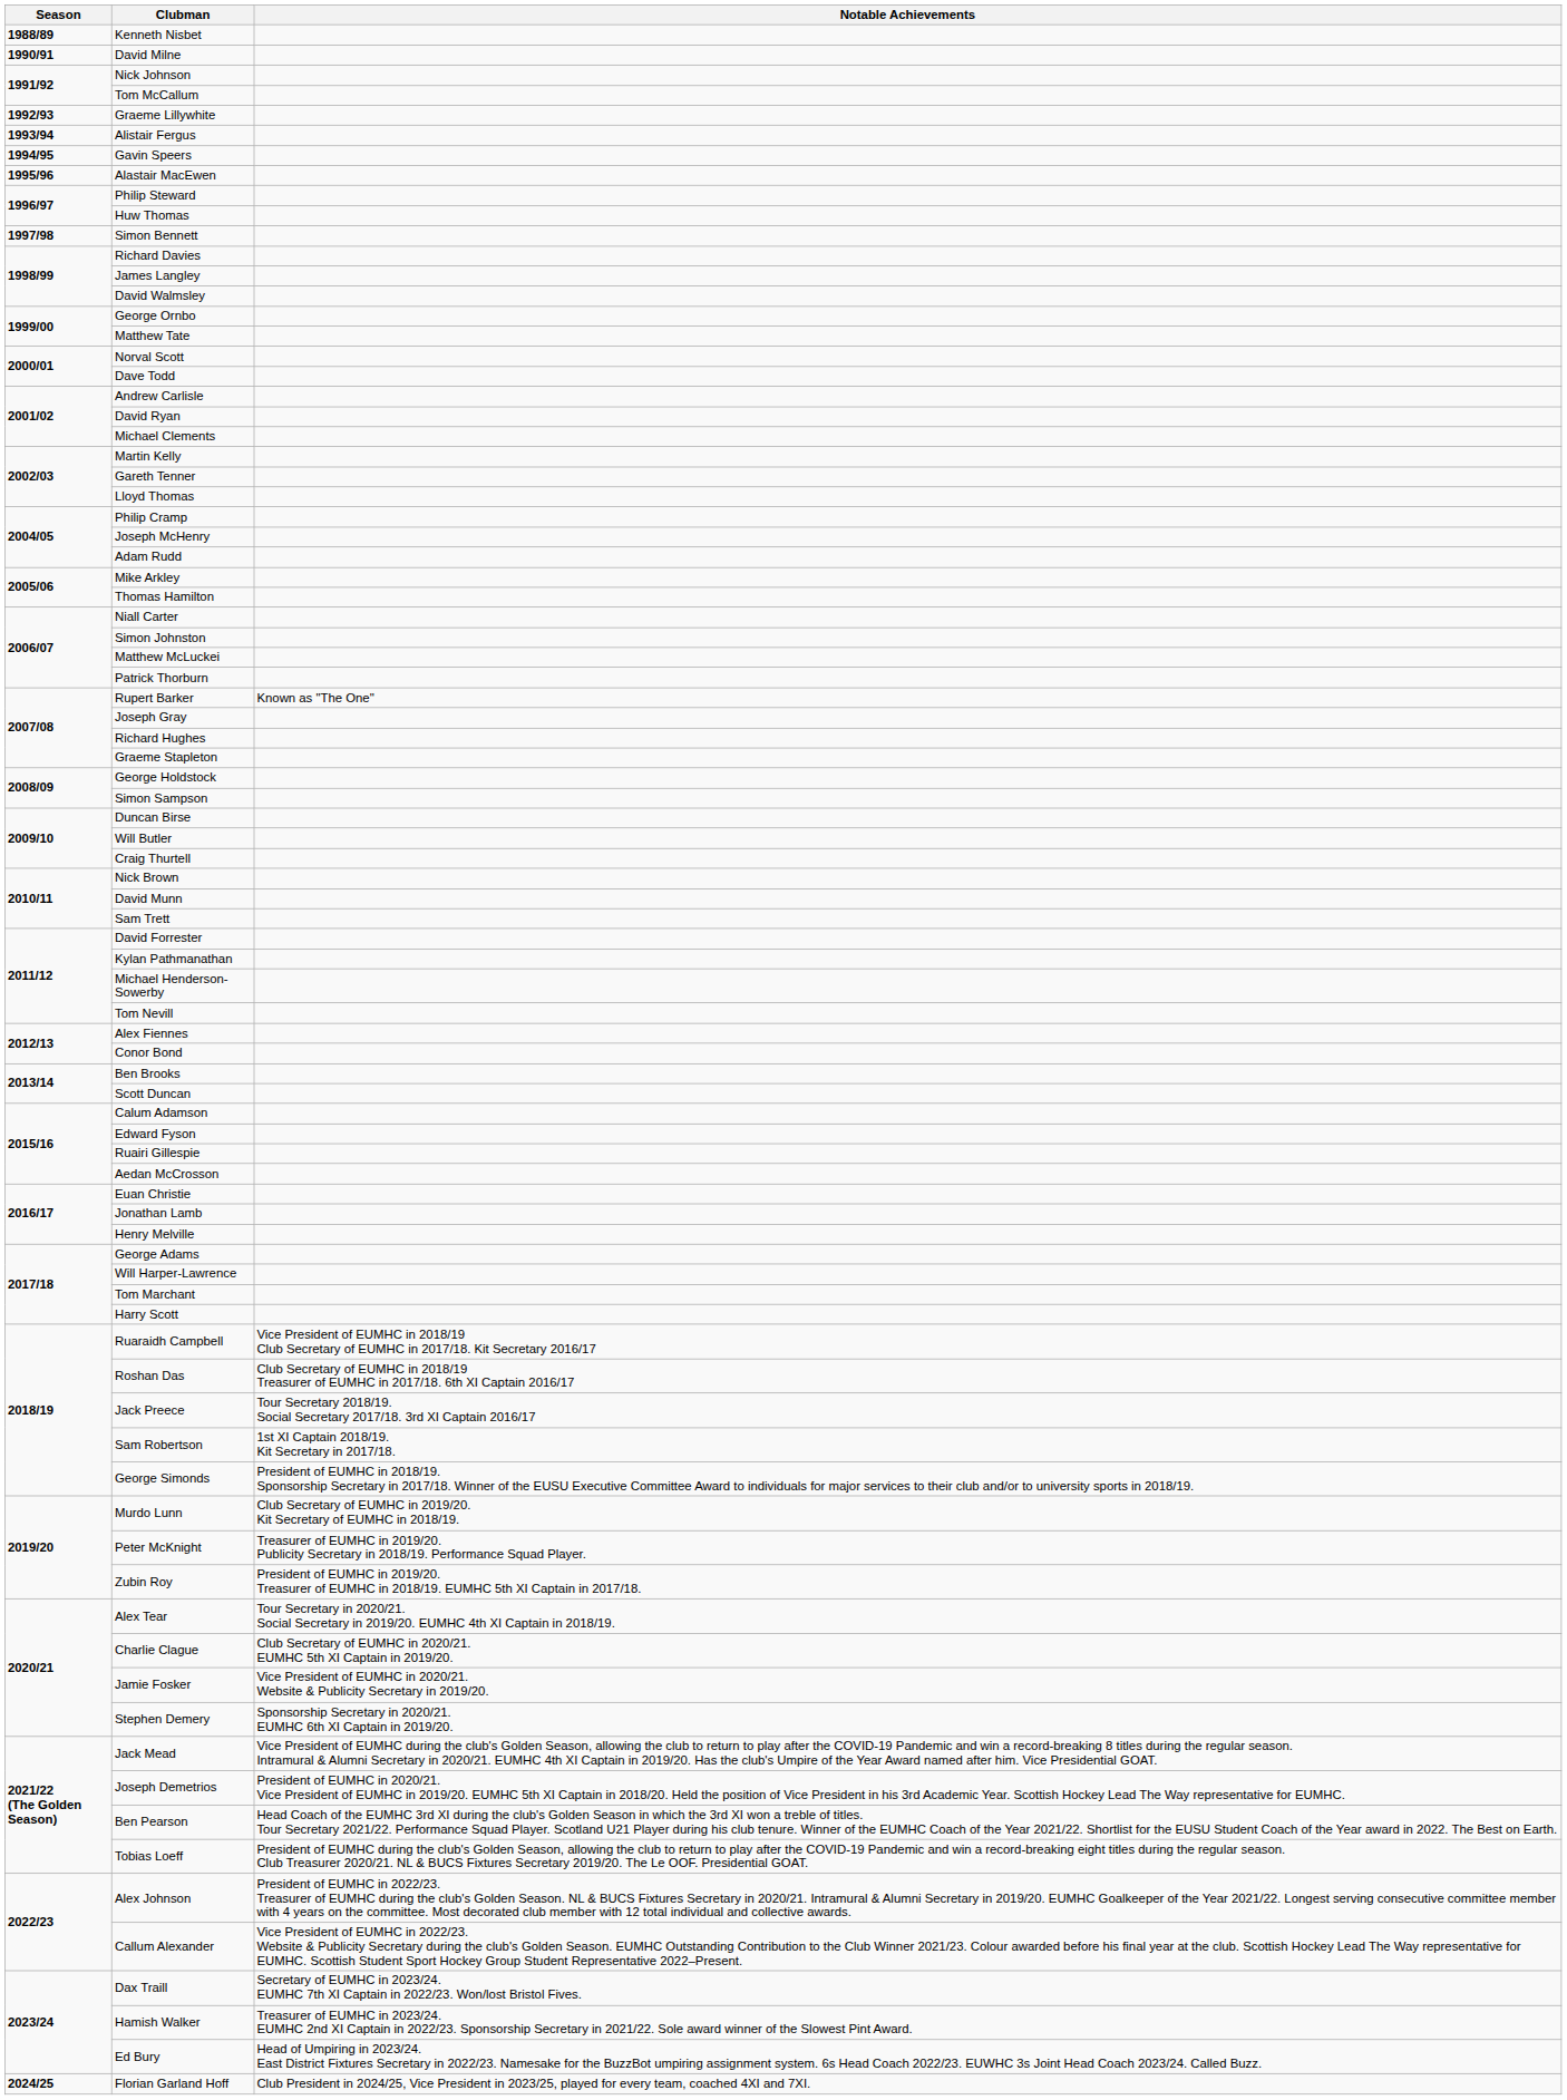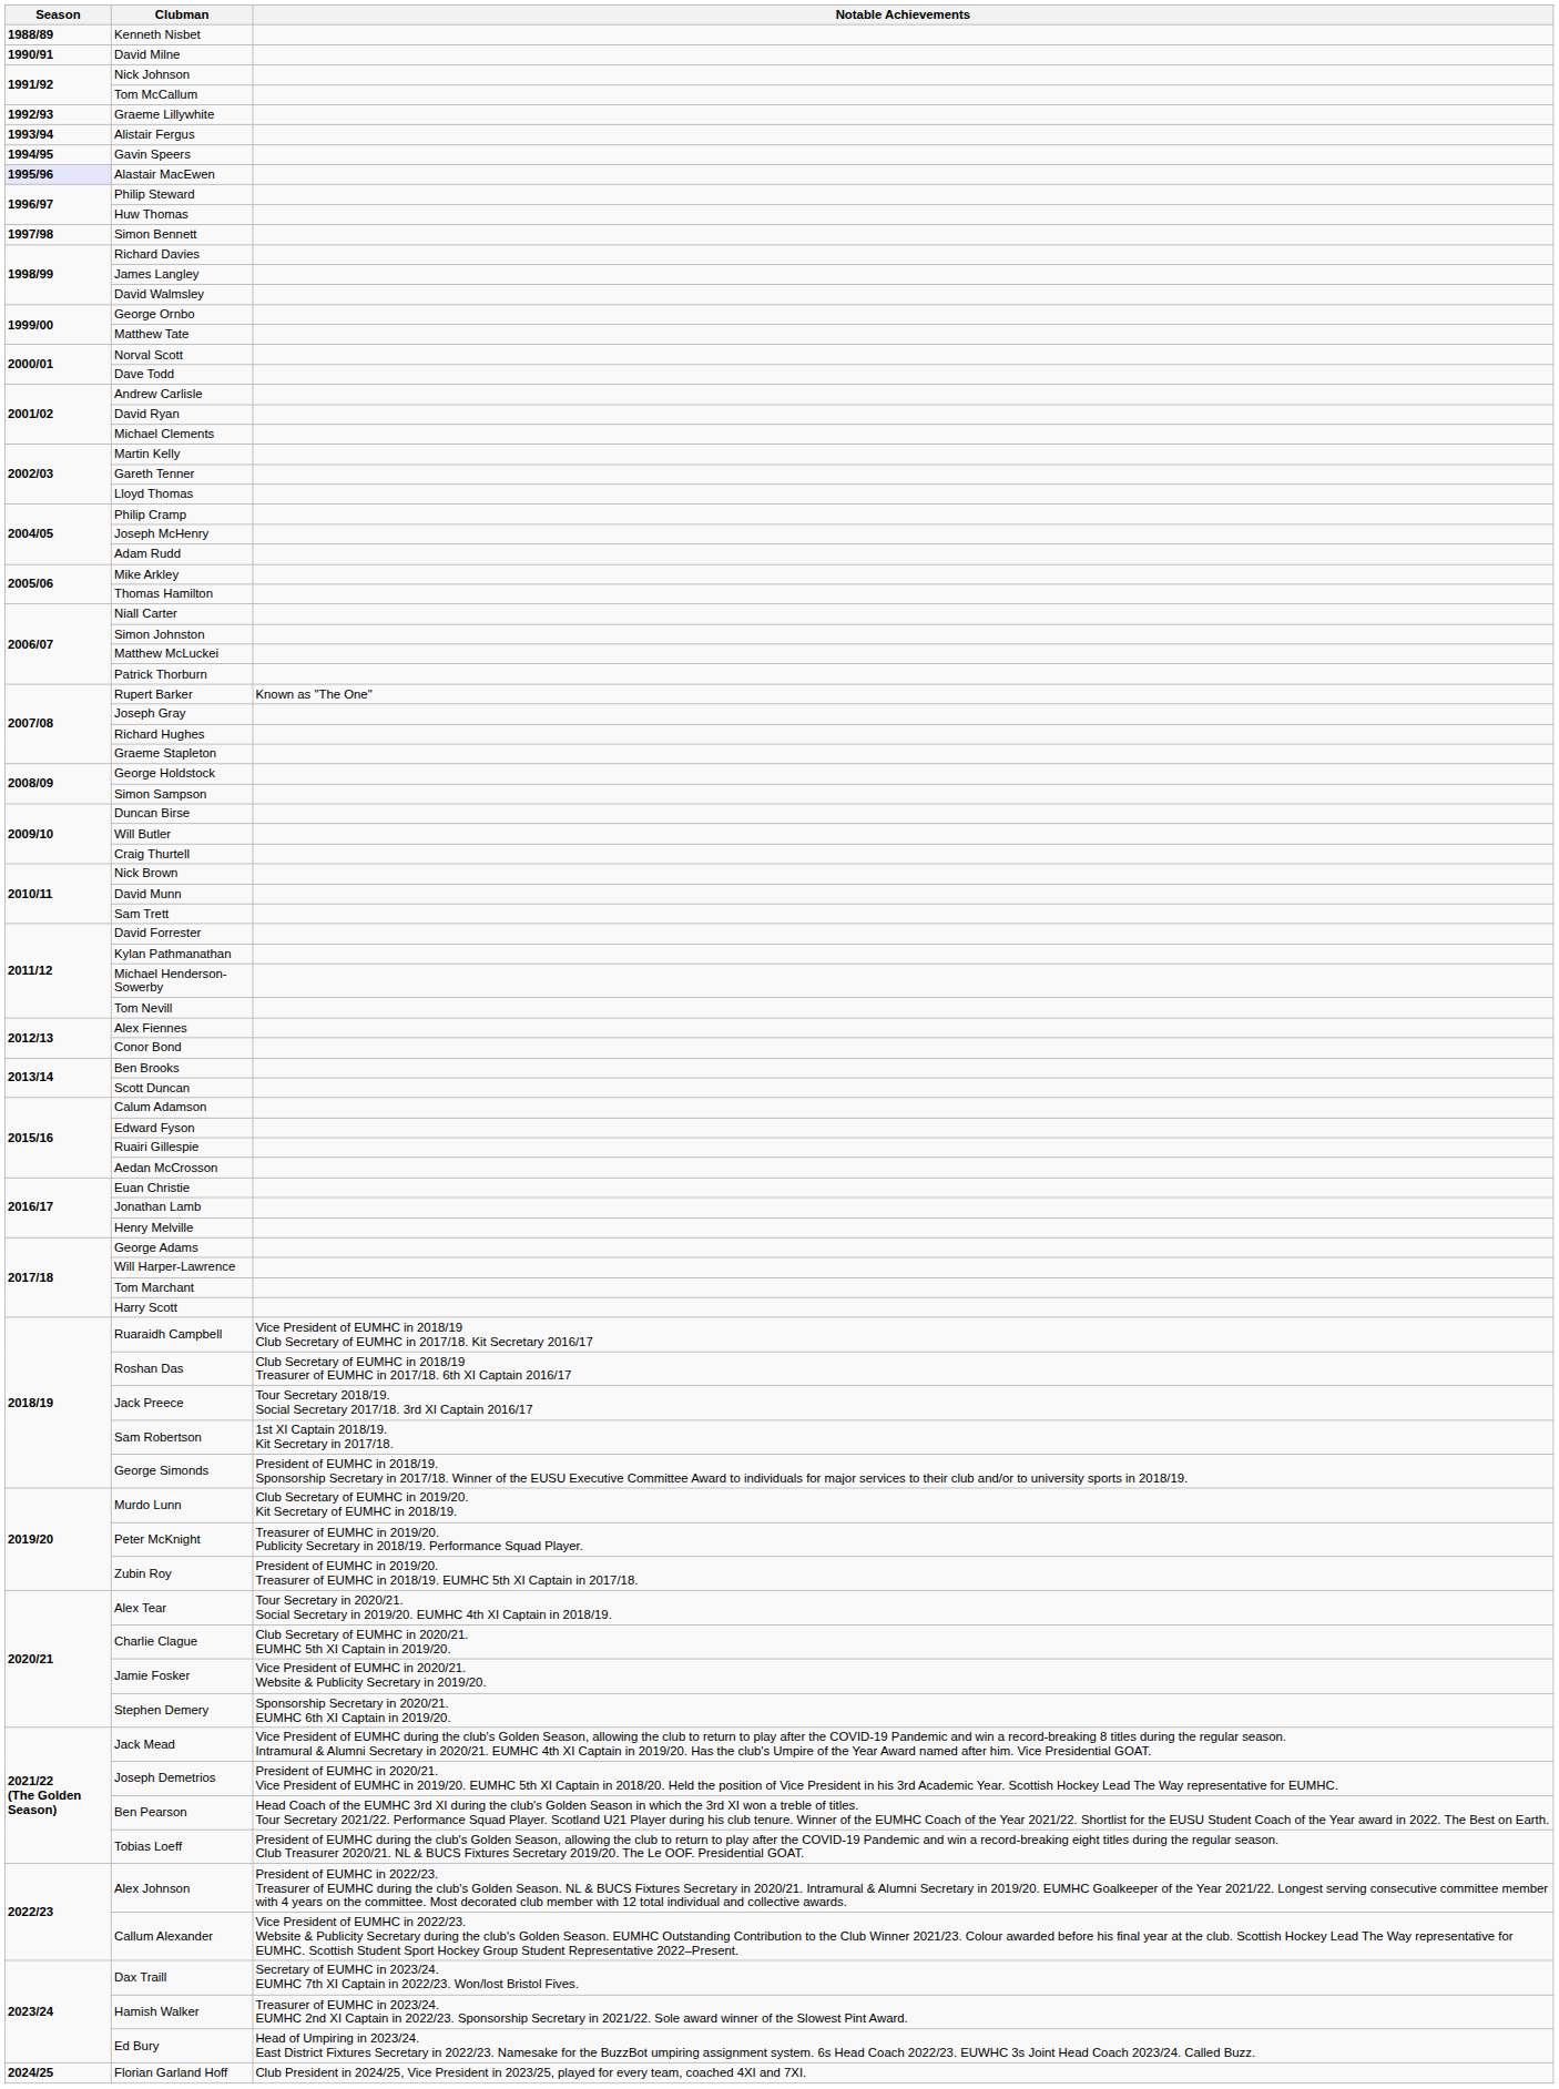 <table class="wikitable">
 <tr>
 <th>Season</th>
 <th>Clubman</th>
 <th>Notable Achievements</th>
 </tr>
 <tr>
 <td><strong>1988/89</strong></td>
 <td>Kenneth Nisbet</td>
 <td></td>
 </tr>
 <tr>
 <td><strong>1990/91</strong></td>
 <td>David Milne</td>
 <td></td>
 </tr>
 <tr>
 <td rowspan="2"><strong>1991/92</strong></td>
 <td>Nick Johnson</td>
 <td></td>
 </tr>
 <tr>
 <td>Tom McCallum</td>
 <td></td>
 </tr>
 <tr>
 <td><strong>1992/93</strong></td>
 <td>Graeme Lillywhite</td>
 <td></td>
 </tr>
 <tr>
 <td><strong>1993/94</strong></td>
 <td>Alistair Fergus</td>
 <td></td>
 </tr>
 <tr>
 <td><strong>1994/95</strong></td>
 <td>Gavin Speers</td>
 <td></td>
 </tr>
 <tr>
-<td><strong>1995/96</strong></td>
+<td style="background: lavender;"><strong>1995/96</strong></td>
 <td>Alastair MacEwen</td>
 <td></td>
 </tr>
 <tr>
 <td rowspan="2"><strong>1996/97</strong></td>
 <td>Philip Steward</td>
 <td></td>
 </tr>
 <tr>
 <td>Huw Thomas</td>
 <td></td>
 </tr>
 <tr>
 <td><strong>1997/98</strong></td>
 <td>Simon Bennett</td>
 <td></td>
 </tr>
 <tr>
 <td rowspan="3"><strong>1998/99</strong></td>
 <td>Richard Davies</td>
 <td></td>
 </tr>
 <tr>
 <td>James Langley</td>
 <td></td>
 </tr>
 <tr>
 <td>David Walmsley</td>
 <td></td>
 </tr>
 <tr>
 <td rowspan="2"><strong>1999/00</strong></td>
 <td>George Ornbo</td>
 <td></td>
 </tr>
 <tr>
 <td>Matthew Tate</td>
 <td></td>
 </tr>
 <tr>
 <td rowspan="2"><strong>2000/01</strong></td>
 <td>Norval Scott</td>
 <td></td>
 </tr>
 <tr>
 <td>Dave Todd</td>
 <td></td>
 </tr>
 <tr>
 <td rowspan="3"><strong>2001/02</strong></td>
 <td>Andrew Carlisle</td>
 <td></td>
 </tr>
 <tr>
 <td>David Ryan</td>
 <td></td>
 </tr>
 <tr>
 <td>Michael Clements</td>
 <td></td>
 </tr>
 <tr>
 <td rowspan="3"><strong>2002/03</strong></td>
 <td>Martin Kelly</td>
 <td></td>
 </tr>
 <tr>
 <td>Gareth Tenner</td>
 <td></td>
 </tr>
 <tr>
 <td>Lloyd Thomas</td>
 <td></td>
 </tr>
 <tr>
 <td rowspan="3"><strong>2004/05</strong></td>
 <td>Philip Cramp</td>
 <td></td>
 </tr>
 <tr>
 <td>Joseph McHenry</td>
 <td></td>
 </tr>
 <tr>
 <td>Adam Rudd</td>
 <td></td>
 </tr>
 <tr>
 <td rowspan="2"><strong>2005/06</strong></td>
 <td>Mike Arkley</td>
 <td></td>
 </tr>
 <tr>
 <td>Thomas Hamilton</td>
 <td></td>
 </tr>
 <tr>
 <td rowspan="4"><strong>2006/07</strong></td>
 <td>Niall Carter</td>
 <td></td>
 </tr>
 <tr>
 <td>Simon Johnston</td>
 <td></td>
 </tr>
 <tr>
 <td>Matthew McLuckei</td>
 <td></td>
 </tr>
 <tr>
 <td>Patrick Thorburn</td>
 <td></td>
 </tr>
 <tr>
 <td rowspan="4"><strong>2007/08</strong></td>
 <td>Rupert Barker</td>
 <td>Known as "The One"</td>
 </tr>
 <tr>
 <td>Joseph Gray</td>
 <td></td>
 </tr>
 <tr>
 <td>Richard Hughes</td>
 <td></td>
 </tr>
 <tr>
 <td>Graeme Stapleton</td>
 <td></td>
 </tr>
 <tr>
 <td rowspan="2"><strong>2008/09</strong></td>
 <td>George Holdstock</td>
 <td></td>
 </tr>
 <tr>
 <td>Simon Sampson</td>
 <td></td>
 </tr>
 <tr>
 <td rowspan="3"><strong>2009/10</strong></td>
 <td>Duncan Birse</td>
 <td></td>
 </tr>
 <tr>
 <td>Will Butler</td>
 <td></td>
 </tr>
 <tr>
 <td>Craig Thurtell</td>
 <td></td>
 </tr>
 <tr>
 <td rowspan="3"><strong>2010/11</strong></td>
 <td>Nick Brown</td>
 <td></td>
 </tr>
 <tr>
 <td>David Munn</td>
 <td></td>
 </tr>
 <tr>
 <td>Sam Trett</td>
 <td></td>
 </tr>
 <tr>
 <td rowspan="4"><strong>2011/12</strong></td>
 <td>David Forrester</td>
 <td></td>
 </tr>
 <tr>
 <td>Kylan Pathmanathan</td>
 <td></td>
 </tr>
 <tr>
 <td>Michael Henderson-Sowerby</td>
 <td></td>
 </tr>
 <tr>
 <td>Tom Nevill</td>
 <td></td>
 </tr>
 <tr>
 <td rowspan="2"><strong>2012/13</strong></td>
 <td>Alex Fiennes</td>
 <td></td>
 </tr>
 <tr>
 <td>Conor Bond</td>
 <td></td>
 </tr>
 <tr>
 <td rowspan="2"><strong>2013/14</strong></td>
 <td>Ben Brooks</td>
 <td></td>
 </tr>
 <tr>
 <td>Scott Duncan</td>
 <td></td>
 </tr>
 <tr>
 <td rowspan="4"><strong>2015/16</strong></td>
 <td>Calum Adamson</td>
 <td></td>
 </tr>
 <tr>
 <td>Edward Fyson</td>
 <td></td>
 </tr>
 <tr>
 <td>Ruairi Gillespie</td>
 <td></td>
 </tr>
 <tr>
 <td>Aedan McCrosson</td>
 <td></td>
 </tr>
 <tr>
 <td rowspan="3"><strong>2016/17</strong></td>
 <td>Euan Christie</td>
 <td></td>
 </tr>
 <tr>
 <td>Jonathan Lamb</td>
 <td></td>
 </tr>
 <tr>
 <td>Henry Melville</td>
 <td></td>
 </tr>
 <tr>
 <td rowspan="4"><strong>2017/18</strong></td>
 <td>George Adams</td>
 <td></td>
 </tr>
 <tr>
 <td>Will Harper-Lawrence</td>
 <td></td>
 </tr>
 <tr>
 <td>Tom Marchant</td>
 <td></td>
 </tr>
 <tr>
 <td>Harry Scott</td>
 <td></td>
 </tr>
 <tr>
 <td rowspan="5"><strong>2018/19</strong></td>
 <td>Ruaraidh Campbell</td>
 <td>Vice President of EUMHC in 2018/19<br>Club Secretary of EUMHC in 2017/18. Kit Secretary 2016/17</td>
 </tr>
 <tr>
 <td>Roshan Das</td>
 <td>Club Secretary of EUMHC in 2018/19<br>Treasurer of EUMHC in 2017/18. 6th XI Captain 2016/17</td>
 </tr>
 <tr>
 <td>Jack Preece</td>
 <td>Tour Secretary 2018/19.<br>Social Secretary 2017/18. 3rd XI Captain 2016/17</td>
 </tr>
 <tr>
 <td>Sam Robertson</td>
 <td>1st XI Captain 2018/19.<br>Kit Secretary in 2017/18.</td>
 </tr>
 <tr>
 <td>George Simonds</td>
 <td>President of EUMHC in 2018/19.<br>Sponsorship Secretary in 2017/18. Winner of the EUSU Executive Committee Award to individuals for major services to their club and/or to university sports in 2018/19.</td>
 </tr>
 <tr>
 <td rowspan="3"><strong>2019/20</strong></td>
 <td>Murdo Lunn </td>
 <td>Club Secretary of EUMHC in 2019/20.<br>Kit Secretary of EUMHC in 2018/19.</td>
 </tr>
 <tr>
 <td>Peter McKnight </td>
 <td>Treasurer of EUMHC in 2019/20.<br>Publicity Secretary in 2018/19. Performance Squad Player.</td>
 </tr>
 <tr>
 <td>Zubin Roy </td>
 <td>President of EUMHC in 2019/20.<br>Treasurer of EUMHC in 2018/19. EUMHC 5th XI Captain in 2017/18.</td>
 </tr>
 <tr>
 <td rowspan="4"><strong>2020/21</strong></td>
 <td>Alex Tear </td>
 <td>Tour Secretary in 2020/21.<br>Social Secretary in 2019/20. EUMHC 4th XI Captain in 2018/19.</td>
 </tr>
 <tr>
 <td>Charlie Clague </td>
 <td>Club Secretary of EUMHC in 2020/21.<br>EUMHC 5th XI Captain in 2019/20.</td>
 </tr>
 <tr>
 <td>Jamie Fosker </td>
 <td>Vice President of EUMHC in 2020/21.<br>Website & Publicity Secretary in 2019/20.</td>
 </tr>
 <tr>
 <td>Stephen Demery </td>
 <td>Sponsorship Secretary in 2020/21.<br>EUMHC 6th XI Captain in 2019/20.</td>
 </tr>
 <tr>
 <td rowspan="4"><strong>2021/22</strong><br><strong>(The Golden Season)</strong></td>
 <td>Jack Mead </td>
 <td>Vice President of EUMHC during the club's Golden Season, allowing the club to return to play after the COVID-19 Pandemic and win a record-breaking 8 titles during the regular season.<br>Intramural & Alumni Secretary in 2020/21. EUMHC 4th XI Captain in 2019/20. Has the club's Umpire of the Year Award named after him. Vice Presidential GOAT.</td>
 </tr>
 <tr>
 <td>Joseph Demetrios </td>
 <td>President of EUMHC in 2020/21.<br>Vice President of EUMHC in 2019/20. EUMHC 5th XI Captain in 2018/20. Held the position of Vice President in his 3rd Academic Year. Scottish Hockey Lead The Way representative for EUMHC.</td>
 </tr>
 <tr>
 <td>Ben Pearson </td>
 <td>Head Coach of the EUMHC 3rd XI during the club's Golden Season in which the 3rd XI won a treble of titles.<br>Tour Secretary 2021/22. Performance Squad Player. Scotland U21 Player during his club tenure. Winner of the EUMHC Coach of the Year 2021/22. Shortlist for the EUSU Student Coach of the Year award in 2022. The Best on Earth.</td>
 </tr>
 <tr>
 <td>Tobias Loeff </td>
 <td>President of EUMHC during the club's Golden Season, allowing the club to return to play after the COVID-19 Pandemic and win a record-breaking eight titles during the regular season.<br>Club Treasurer 2020/21. NL & BUCS Fixtures Secretary 2019/20. The Le OOF. Presidential GOAT.</td>
 </tr>
 <tr>
 <td rowspan="2"><strong>2022/23</strong></td>
 <td>Alex Johnson </td>
 <td>President of EUMHC in 2022/23.<br>Treasurer of EUMHC during the club's Golden Season. NL & BUCS Fixtures Secretary in 2020/21. Intramural & Alumni Secretary in 2019/20. EUMHC Goalkeeper of the Year 2021/22. Longest serving consecutive committee member with 4 years on the committee. Most decorated club member with 12 total individual and collective awards.</td>
 </tr>
 <tr>
 <td>Callum Alexander </td>
 <td>Vice President of EUMHC in 2022/23.<br>Website & Publicity Secretary during the club's Golden Season. EUMHC Outstanding Contribution to the Club Winner 2021/23. Colour awarded before his final year at the club. Scottish Hockey Lead The Way representative for EUMHC. Scottish Student Sport Hockey Group Student Representative 2022–Present.</td>
 </tr>
 <tr>
 <td rowspan="3"><strong>2023/24</strong></td>
 <td>Dax Traill </td>
 <td>Secretary of EUMHC in 2023/24.<br>EUMHC 7th XI Captain in 2022/23. Won/lost Bristol Fives.</td>
 </tr>
 <tr>
 <td>Hamish Walker </td>
 <td>Treasurer of EUMHC in 2023/24.<br>EUMHC 2nd XI Captain in 2022/23. Sponsorship Secretary in 2021/22. Sole award winner of the Slowest Pint Award.</td>
 </tr>
 <tr>
 <td>Ed Bury </td>
 <td>Head of Umpiring in 2023/24.<br>East District Fixtures Secretary in 2022/23. Namesake for the BuzzBot umpiring assignment system. 6s Head Coach 2022/23. EUWHC 3s Joint Head Coach 2023/24. Called Buzz.</td>
 </tr>
 <tr>
 <td><strong>2024/25</strong></td>
 <td>Florian Garland Hoff </td>
 <td>Club President in 2024/25, Vice President in 2023/25, played for every team, coached 4XI and 7XI.</td>
 </tr>
 </table>
